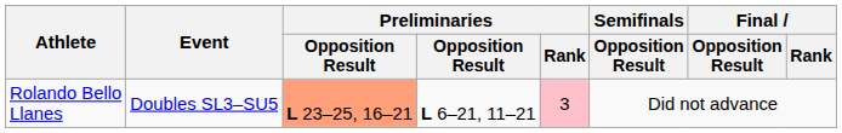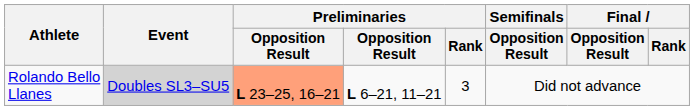 <table class=wikitable style="font-size:90%">
 <tr>
 <th rowspan="2">Athlete</th>
 <th rowspan="2">Event</th>
 <th colspan="3">Preliminaries</th>
 <th>Semifinals</th>
 <th colspan="2">Final / </th>
 </tr>
 <tr style="font-size:95%">
 <th>Opposition<br>Result</th>
 <th>Opposition<br>Result</th>
 <th>Rank</th>
 <th>Opposition<br>Result</th>
 <th>Opposition<br>Result</th>
 <th>Rank</th>
 </tr>
 <tr align=center>
 <td align=left><a href='#'>Rolando Bello</a><br><a href='#'> Llanes</a></td>
-<td align=left><a href='#'>Doubles SL3–SU5</a></td>
+<td align=left style="background: lightgrey;"><a href='#'>Doubles SL3–SU5</a></td>
 <td style="background: lightsalmon;"><br><strong>L</strong> 23–25, 16–21</td>
 <td><br><strong>L</strong> 6–21, 11–21</td>
-<td style="background: pink;">3</td>
+<td>3</td>
 <td colspan=3>Did not advance</td>
 </tr>
 </table>
